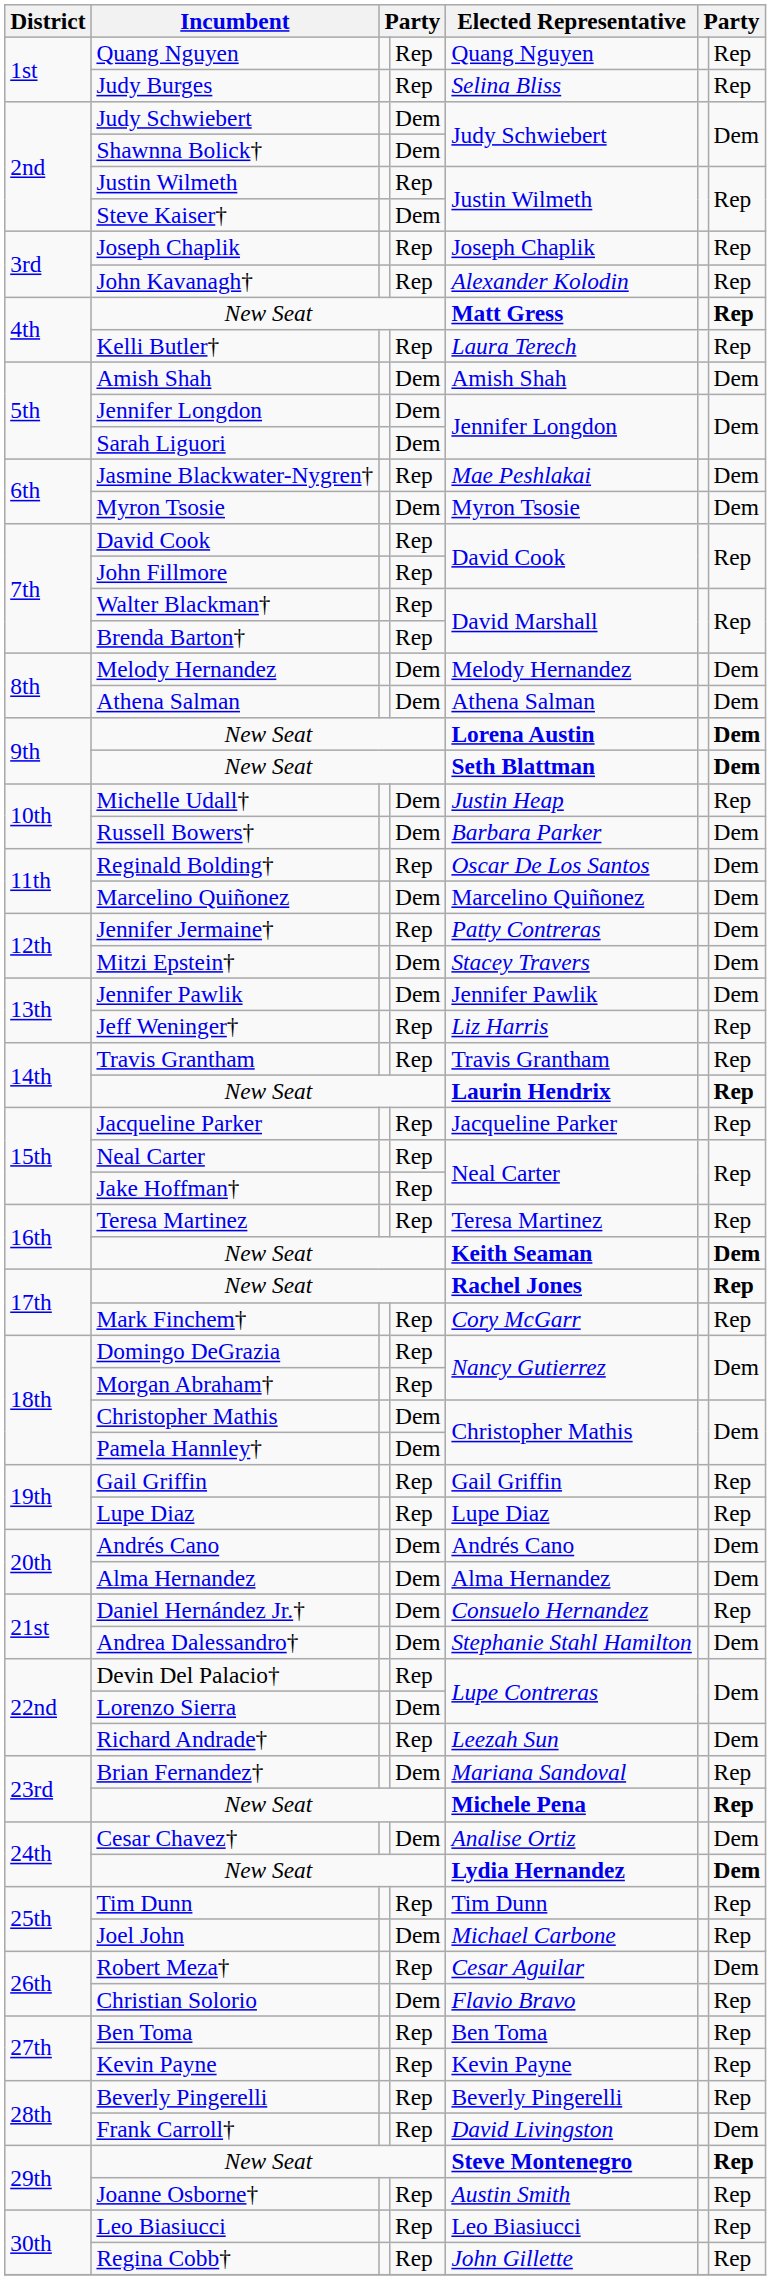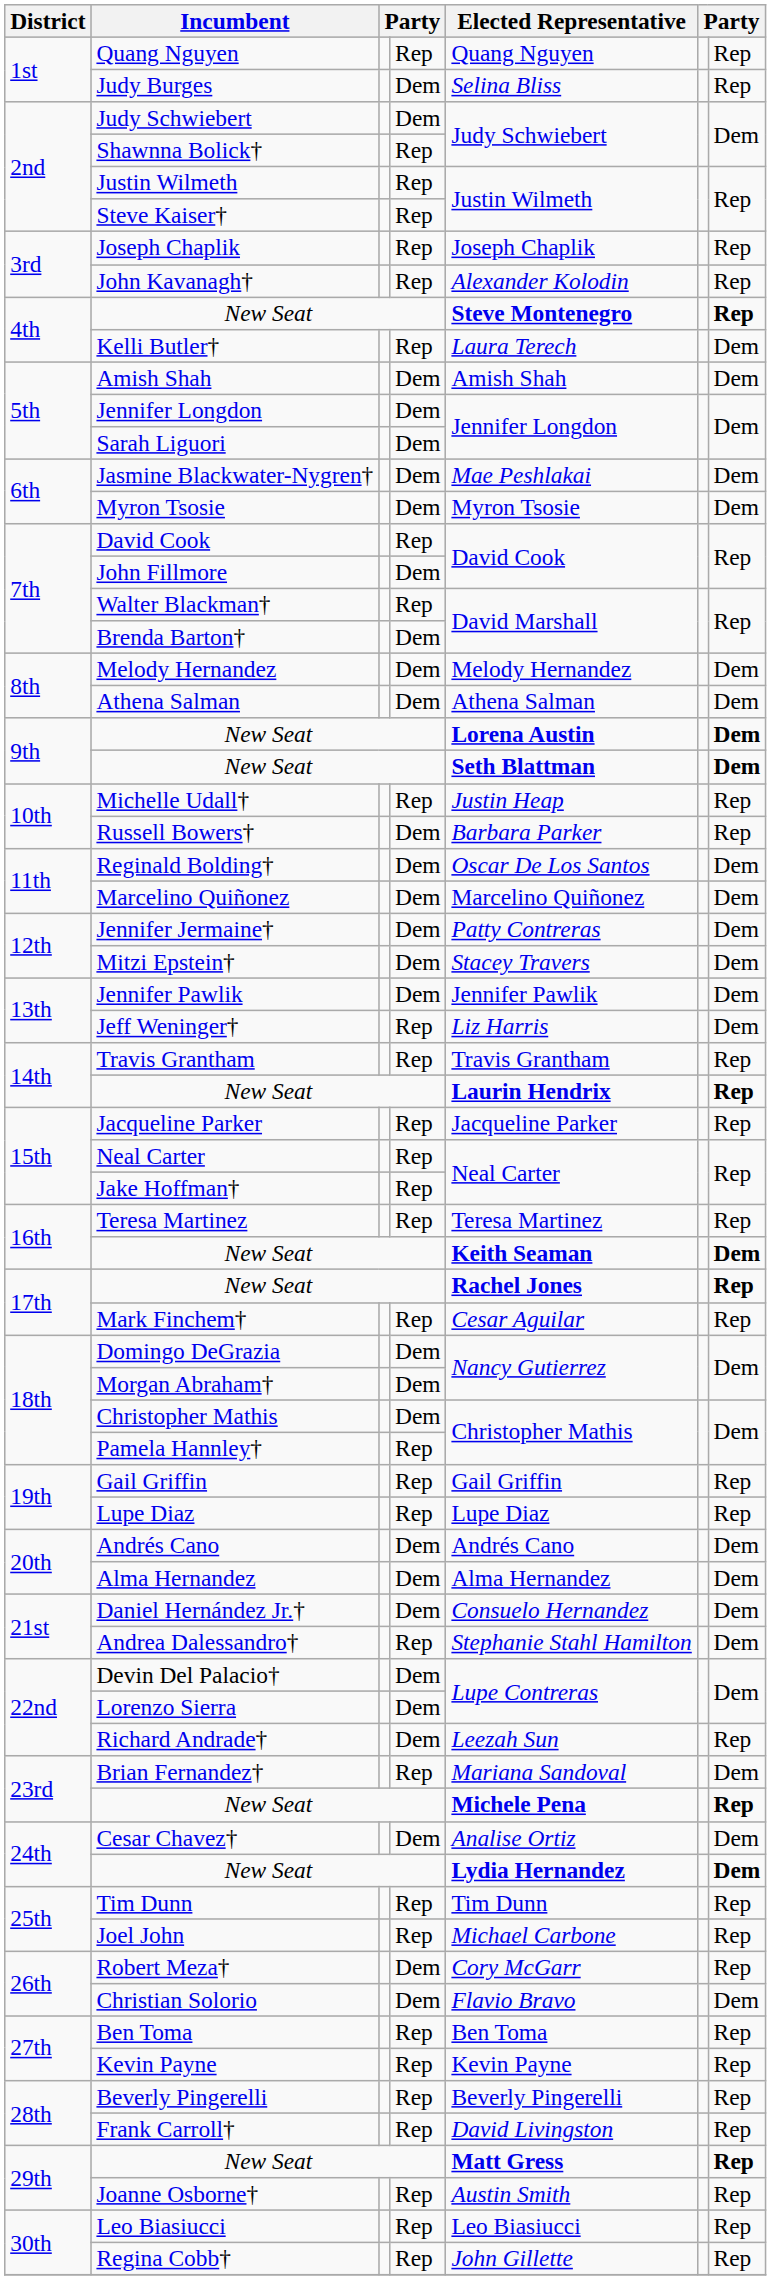 <table class="sortable wikitable" style="font-size:95%;line-height:14px;">
 <tr>
 <th>District</th>
 <th class="unsortable"><a href='#'>Incumbent</a></th>
 <th colspan="2">Party</th>
 <th class="unsortable">Elected Representative</th>
 <th colspan="2">Party</th>
 </tr>
 <tr>
 <td rowspan="2"><a href='#'>1st</a></td>
 <td><a href='#'>Quang Nguyen</a></td>
 <td style="background:"></td>
 <td>Rep</td>
 <td><a href='#'>Quang Nguyen</a></td>
 <td style="background:"></td>
 <td>Rep</td>
 </tr>
 <tr>
 <td><a href='#'>Judy Burges</a></td>
 <td style="background:"></td>
-<td>Rep</td>
+<td>Dem</td>
 <td><em><a href='#'>Selina Bliss</a></em></td>
 <td style="background:"></td>
 <td>Rep</td>
 </tr>
 <tr>
 <td rowspan="4"><a href='#'>2nd</a></td>
 <td><a href='#'>Judy Schwiebert</a></td>
 <td style="background:"></td>
 <td>Dem</td>
 <td rowspan=2><a href='#'>Judy Schwiebert</a></td>
 <td rowspan=2 style="background:"></td>
 <td rowspan=2>Dem</td>
 </tr>
 <tr>
 <td><a href='#'>Shawnna Bolick</a>†</td>
 <td style="background:"></td>
-<td>Dem</td>
+<td>Rep</td>
 </tr>
 <tr>
 <td><a href='#'>Justin Wilmeth</a></td>
 <td style="background:"></td>
 <td>Rep</td>
 <td rowspan=2><a href='#'>Justin Wilmeth</a></td>
 <td rowspan=2 style="background:"></td>
 <td rowspan=2>Rep</td>
 </tr>
 <tr>
 <td><a href='#'>Steve Kaiser</a>†</td>
 <td style="background:"></td>
-<td>Dem</td>
+<td>Rep</td>
 </tr>
 <tr>
 <td rowspan="2"><a href='#'>3rd</a></td>
 <td><a href='#'>Joseph Chaplik</a></td>
 <td style="background:"></td>
 <td>Rep</td>
 <td><a href='#'>Joseph Chaplik</a></td>
 <td style="background:"></td>
 <td>Rep</td>
 </tr>
 <tr>
 <td><a href='#'>John Kavanagh</a>†</td>
 <td style="background:"></td>
 <td>Rep</td>
 <td><em><a href='#'>Alexander Kolodin</a></em></td>
 <td style="background:"></td>
 <td>Rep</td>
 </tr>
 <tr>
 <td rowspan="2"><a href='#'>4th</a></td>
 <td colspan=3 align=center><em>New Seat</em></td>
-<td><strong><a href='#'>Matt Gress</a></strong></td>
+<td><strong><a href='#'>Steve Montenegro</a></strong></td>
 <td style="background:"></td>
 <td><strong>Rep</strong></td>
 </tr>
 <tr>
 <td><a href='#'>Kelli Butler</a>†</td>
 <td style="background:"></td>
 <td>Rep</td>
 <td><em><a href='#'>Laura Terech</a></em></td>
 <td style="background:"></td>
-<td>Rep</td>
+<td>Dem</td>
 </tr>
 <tr>
 <td rowspan="3"><a href='#'>5th</a></td>
 <td><a href='#'>Amish Shah</a></td>
 <td style="background:"></td>
 <td>Dem</td>
 <td><a href='#'>Amish Shah</a></td>
 <td style="background:"></td>
 <td>Dem</td>
 </tr>
 <tr>
 <td><a href='#'>Jennifer Longdon</a></td>
 <td style="background:"></td>
 <td>Dem</td>
 <td rowspan=2><a href='#'>Jennifer Longdon</a></td>
 <td rowspan=2 style="background:"></td>
 <td rowspan=2>Dem</td>
 </tr>
 <tr>
 <td><a href='#'>Sarah Liguori</a></td>
 <td style="background:"></td>
 <td>Dem</td>
 </tr>
 <tr>
 <td rowspan="2"><a href='#'>6th</a></td>
 <td><a href='#'>Jasmine Blackwater-Nygren</a>†</td>
 <td style="background:"></td>
-<td>Rep</td>
+<td>Dem</td>
 <td><em><a href='#'>Mae Peshlakai</a></em></td>
 <td style="background:"></td>
 <td>Dem</td>
 </tr>
 <tr>
 <td><a href='#'>Myron Tsosie</a></td>
 <td style="background:"></td>
 <td>Dem</td>
 <td><a href='#'>Myron Tsosie</a></td>
 <td style="background:"></td>
 <td>Dem</td>
 </tr>
 <tr>
 <td rowspan="4"><a href='#'>7th</a></td>
 <td><a href='#'>David Cook</a></td>
 <td style="background:"></td>
 <td>Rep</td>
 <td rowspan=2><a href='#'>David Cook</a></td>
 <td rowspan=2 style="background:"></td>
 <td rowspan=2>Rep</td>
 </tr>
 <tr>
 <td><a href='#'>John Fillmore</a></td>
 <td style="background:"></td>
-<td>Rep</td>
+<td>Dem</td>
 </tr>
 <tr>
 <td><a href='#'>Walter Blackman</a>†</td>
 <td style="background:"></td>
 <td>Rep</td>
 <td rowspan=2><a href='#'>David Marshall</a></td>
 <td rowspan=2 style="background:"></td>
 <td rowspan=2>Rep</td>
 </tr>
 <tr>
 <td><a href='#'>Brenda Barton</a>†</td>
 <td style="background:"></td>
-<td>Rep</td>
+<td>Dem</td>
 </tr>
 <tr>
 <td rowspan="2"><a href='#'>8th</a></td>
 <td><a href='#'>Melody Hernandez</a></td>
 <td style="background:"></td>
 <td>Dem</td>
 <td><a href='#'>Melody Hernandez</a></td>
 <td style="background:"></td>
 <td>Dem</td>
 </tr>
 <tr>
 <td><a href='#'>Athena Salman</a></td>
 <td style="background:"></td>
 <td>Dem</td>
 <td><a href='#'>Athena Salman</a></td>
 <td style="background:"></td>
 <td>Dem</td>
 </tr>
 <tr>
 <td rowspan="2"><a href='#'>9th</a></td>
 <td colspan=3 align=center><em>New Seat</em></td>
 <td><strong><a href='#'>Lorena Austin</a></strong></td>
 <td style="background:"></td>
 <td><strong>Dem</strong></td>
 </tr>
 <tr>
 <td colspan=3 align=center><em>New Seat</em></td>
 <td><strong><a href='#'>Seth Blattman</a></strong></td>
 <td style="background:"></td>
 <td><strong>Dem</strong></td>
 </tr>
 <tr>
 <td rowspan="2"><a href='#'>10th</a></td>
 <td><a href='#'>Michelle Udall</a>†</td>
 <td style="background:"></td>
-<td>Dem</td>
+<td>Rep</td>
 <td><em><a href='#'>Justin Heap</a></em></td>
 <td style="background:"></td>
 <td>Rep</td>
 </tr>
 <tr>
 <td><a href='#'>Russell Bowers</a>†</td>
 <td style="background:"></td>
 <td>Dem</td>
 <td><em><a href='#'>Barbara Parker</a></em></td>
 <td style="background:"></td>
-<td>Dem</td>
+<td>Rep</td>
 </tr>
 <tr>
 <td rowspan="2"><a href='#'>11th</a></td>
 <td><a href='#'>Reginald Bolding</a>†</td>
 <td style="background:"></td>
-<td>Rep</td>
+<td>Dem</td>
 <td><em><a href='#'>Oscar De Los Santos</a></em></td>
 <td style="background:"></td>
 <td>Dem</td>
 </tr>
 <tr>
 <td><a href='#'>Marcelino Quiñonez</a></td>
 <td style="background:"></td>
 <td>Dem</td>
 <td><a href='#'>Marcelino Quiñonez</a></td>
 <td style="background:"></td>
 <td>Dem</td>
 </tr>
 <tr>
 <td rowspan="2"><a href='#'>12th</a></td>
 <td><a href='#'>Jennifer Jermaine</a>†</td>
 <td style="background:"></td>
-<td>Rep</td>
+<td>Dem</td>
 <td><em><a href='#'>Patty Contreras</a></em></td>
 <td style="background:"></td>
 <td>Dem</td>
 </tr>
 <tr>
 <td><a href='#'>Mitzi Epstein</a>†</td>
 <td style="background:"></td>
 <td>Dem</td>
 <td><em><a href='#'>Stacey Travers</a></em></td>
 <td style="background:"></td>
 <td>Dem</td>
 </tr>
 <tr>
 <td rowspan="2"><a href='#'>13th</a></td>
 <td><a href='#'>Jennifer Pawlik</a></td>
 <td style="background:"></td>
 <td>Dem</td>
 <td><a href='#'>Jennifer Pawlik</a></td>
 <td style="background:"></td>
 <td>Dem</td>
 </tr>
 <tr>
 <td><a href='#'>Jeff Weninger</a>†</td>
 <td style="background:"></td>
 <td>Rep</td>
 <td><em><a href='#'>Liz Harris</a></em></td>
 <td style="background:"></td>
-<td>Rep</td>
+<td>Dem</td>
 </tr>
 <tr>
 <td rowspan="2"><a href='#'>14th</a></td>
 <td><a href='#'>Travis Grantham</a></td>
 <td style="background:"></td>
 <td>Rep</td>
 <td><a href='#'>Travis Grantham</a></td>
 <td style="background:"></td>
 <td>Rep</td>
 </tr>
 <tr>
 <td colspan=3 align=center><em>New Seat</em></td>
 <td><strong><a href='#'>Laurin Hendrix</a></strong></td>
 <td style="background:"></td>
 <td><strong>Rep</strong></td>
 </tr>
 <tr>
 <td rowspan="3"><a href='#'>15th</a></td>
 <td><a href='#'>Jacqueline Parker</a></td>
 <td style="background:"></td>
 <td>Rep</td>
 <td><a href='#'>Jacqueline Parker</a></td>
 <td style="background:"></td>
 <td>Rep</td>
 </tr>
 <tr>
 <td><a href='#'>Neal Carter</a></td>
 <td style="background:"></td>
 <td>Rep</td>
 <td rowspan=2><a href='#'>Neal Carter</a></td>
 <td rowspan=2 style="background:"></td>
 <td rowspan=2>Rep</td>
 </tr>
 <tr>
 <td><a href='#'>Jake Hoffman</a>†</td>
 <td style="background:"></td>
 <td>Rep</td>
 </tr>
 <tr>
 <td rowspan="2"><a href='#'>16th</a></td>
 <td><a href='#'>Teresa Martinez</a></td>
 <td style="background:"></td>
 <td>Rep</td>
 <td><a href='#'>Teresa Martinez</a></td>
 <td style="background:"></td>
 <td>Rep</td>
 </tr>
 <tr>
 <td colspan=3 align=center><em>New Seat</em></td>
 <td><strong><a href='#'>Keith Seaman</a></strong></td>
 <td style="background:"></td>
 <td><strong>Dem</strong></td>
 </tr>
 <tr>
 <td rowspan="2"><a href='#'>17th</a></td>
 <td colspan=3 align=center><em>New Seat</em></td>
 <td><strong><a href='#'>Rachel Jones</a></strong></td>
 <td style="background:"></td>
 <td><strong>Rep</strong></td>
 </tr>
 <tr>
 <td><a href='#'>Mark Finchem</a>†</td>
 <td style="background:"></td>
 <td>Rep</td>
-<td><em><a href='#'>Cory McGarr</a></em></td>
+<td><em><a href='#'>Cesar Aguilar</a></em></td>
 <td style="background:"></td>
 <td>Rep</td>
 </tr>
 <tr>
 <td rowspan="4"><a href='#'>18th</a></td>
 <td><a href='#'>Domingo DeGrazia</a></td>
 <td style="background:"></td>
-<td>Rep</td>
+<td>Dem</td>
 <td rowspan=2><em><a href='#'>Nancy Gutierrez</a></em></td>
 <td rowspan=2 style="background:"></td>
 <td rowspan=2>Dem</td>
 </tr>
 <tr>
 <td><a href='#'>Morgan Abraham</a>†</td>
 <td style="background:"></td>
-<td>Rep</td>
+<td>Dem</td>
 </tr>
 <tr>
 <td><a href='#'>Christopher Mathis</a></td>
 <td style="background:"></td>
 <td>Dem</td>
 <td rowspan=2><a href='#'>Christopher Mathis</a></td>
 <td rowspan=2 style="background:"></td>
 <td rowspan=2>Dem</td>
 </tr>
 <tr>
 <td><a href='#'>Pamela Hannley</a>†</td>
 <td style="background:"></td>
-<td>Dem</td>
+<td>Rep</td>
 </tr>
 <tr>
 <td rowspan="2"><a href='#'>19th</a></td>
 <td><a href='#'>Gail Griffin</a></td>
 <td style="background:"></td>
 <td>Rep</td>
 <td><a href='#'>Gail Griffin</a></td>
 <td style="background:"></td>
 <td>Rep</td>
 </tr>
 <tr>
 <td><a href='#'>Lupe Diaz</a></td>
 <td style="background:"></td>
 <td>Rep</td>
 <td><a href='#'>Lupe Diaz</a></td>
 <td style="background:"></td>
 <td>Rep</td>
 </tr>
 <tr>
 <td rowspan="2"><a href='#'>20th</a></td>
 <td><a href='#'>Andrés Cano</a></td>
 <td style="background:"></td>
 <td>Dem</td>
 <td><a href='#'>Andrés Cano</a></td>
 <td style="background:"></td>
 <td>Dem</td>
 </tr>
 <tr>
 <td><a href='#'>Alma Hernandez</a></td>
 <td style="background:"></td>
 <td>Dem</td>
 <td><a href='#'>Alma Hernandez</a></td>
 <td style="background:"></td>
 <td>Dem</td>
 </tr>
 <tr>
 <td rowspan="2"><a href='#'>21st</a></td>
 <td><a href='#'>Daniel Hernández Jr.</a>†</td>
 <td style="background:"></td>
 <td>Dem</td>
 <td><em><a href='#'>Consuelo Hernandez</a></em></td>
 <td style="background:"></td>
-<td>Rep</td>
+<td>Dem</td>
 </tr>
 <tr>
 <td><a href='#'>Andrea Dalessandro</a>†</td>
 <td style="background:"></td>
-<td>Dem</td>
+<td>Rep</td>
 <td><em><a href='#'>Stephanie Stahl Hamilton</a></em></td>
 <td style="background:"></td>
 <td>Dem</td>
 </tr>
 <tr>
 <td rowspan="3"><a href='#'>22nd</a></td>
 <td>Devin Del Palacio†</td>
 <td style="background:"></td>
-<td>Rep</td>
+<td>Dem</td>
 <td rowspan=2><em><a href='#'>Lupe Contreras</a></em></td>
 <td rowspan=2 style="background:"></td>
 <td rowspan=2>Dem</td>
 </tr>
 <tr>
 <td><a href='#'>Lorenzo Sierra</a></td>
 <td style="background:"></td>
 <td>Dem</td>
 </tr>
 <tr>
 <td><a href='#'>Richard Andrade</a>†</td>
 <td style="background:"></td>
-<td>Rep</td>
+<td>Dem</td>
 <td><em><a href='#'>Leezah Sun</a></em></td>
 <td style="background:"></td>
-<td>Dem</td>
+<td>Rep</td>
 </tr>
 <tr>
 <td rowspan="2"><a href='#'>23rd</a></td>
 <td><a href='#'>Brian Fernandez</a>†</td>
 <td style="background:"></td>
-<td>Dem</td>
+<td>Rep</td>
 <td><em><a href='#'>Mariana Sandoval</a></em></td>
 <td style="background:"></td>
-<td>Rep</td>
+<td>Dem</td>
 </tr>
 <tr>
 <td colspan=3 align=center><em>New Seat</em></td>
 <td><strong><a href='#'>Michele Pena</a></strong></td>
 <td style="background:"></td>
 <td><strong>Rep</strong></td>
 </tr>
 <tr>
 <td rowspan="2"><a href='#'>24th</a></td>
 <td><a href='#'>Cesar Chavez</a>†</td>
 <td style="background:"></td>
 <td>Dem</td>
 <td><em><a href='#'>Analise Ortiz</a></em></td>
 <td style="background:"></td>
 <td>Dem</td>
 </tr>
 <tr>
 <td colspan=3 align=center><em>New Seat</em></td>
 <td><strong><a href='#'>Lydia Hernandez</a></strong></td>
 <td style="background:"></td>
 <td><strong>Dem</strong></td>
 </tr>
 <tr>
 <td rowspan="2"><a href='#'>25th</a></td>
 <td><a href='#'>Tim Dunn</a></td>
 <td style="background:"></td>
 <td>Rep</td>
 <td><a href='#'>Tim Dunn</a></td>
 <td style="background:"></td>
 <td>Rep</td>
 </tr>
 <tr>
 <td><a href='#'>Joel John</a></td>
 <td style="background:"></td>
-<td>Dem</td>
+<td>Rep</td>
 <td><em><a href='#'>Michael Carbone</a></em></td>
 <td style="background:"></td>
 <td>Rep</td>
 </tr>
 <tr>
 <td rowspan="2"><a href='#'>26th</a></td>
 <td><a href='#'>Robert Meza</a>†</td>
 <td style="background:"></td>
+<td>Dem</td>
+<td><em><a href='#'>Cory McGarr</a></em></td>
+<td style="background:"></td>
 <td>Rep</td>
-<td><em><a href='#'>Cesar Aguilar</a></em></td>
-<td style="background:"></td>
-<td>Dem</td>
 </tr>
 <tr>
 <td><a href='#'>Christian Solorio</a></td>
 <td style="background:"></td>
 <td>Dem</td>
 <td><em><a href='#'>Flavio Bravo</a></em></td>
 <td style="background:"></td>
-<td>Rep</td>
+<td>Dem</td>
 </tr>
 <tr>
 <td rowspan="2"><a href='#'>27th</a></td>
 <td><a href='#'>Ben Toma</a></td>
 <td style="background:"></td>
 <td>Rep</td>
 <td><a href='#'>Ben Toma</a></td>
 <td style="background:"></td>
 <td>Rep</td>
 </tr>
 <tr>
 <td><a href='#'>Kevin Payne</a></td>
 <td style="background:"></td>
 <td>Rep</td>
 <td><a href='#'>Kevin Payne</a></td>
 <td style="background:"></td>
 <td>Rep</td>
 </tr>
 <tr>
 <td rowspan="2"><a href='#'>28th</a></td>
 <td><a href='#'>Beverly Pingerelli</a></td>
 <td style="background:"></td>
 <td>Rep</td>
 <td><a href='#'>Beverly Pingerelli</a></td>
 <td style="background:"></td>
 <td>Rep</td>
 </tr>
 <tr>
 <td><a href='#'>Frank Carroll</a>†</td>
 <td style="background:"></td>
 <td>Rep</td>
 <td><em><a href='#'>David Livingston</a></em></td>
 <td style="background:"></td>
-<td>Dem</td>
+<td>Rep</td>
 </tr>
 <tr>
 <td rowspan="2"><a href='#'>29th</a></td>
 <td colspan=3 align=center><em>New Seat</em></td>
-<td><strong><a href='#'>Steve Montenegro</a></strong></td>
+<td><strong><a href='#'>Matt Gress</a></strong></td>
 <td style="background:"></td>
 <td><strong>Rep</strong></td>
 </tr>
 <tr>
 <td><a href='#'>Joanne Osborne</a>†</td>
 <td style="background:"></td>
 <td>Rep</td>
 <td><em><a href='#'>Austin Smith</a></em></td>
 <td style="background:"></td>
 <td>Rep</td>
 </tr>
 <tr>
 <td rowspan="2"><a href='#'>30th</a></td>
 <td><a href='#'>Leo Biasiucci</a></td>
 <td style="background:"></td>
 <td>Rep</td>
 <td><a href='#'>Leo Biasiucci</a></td>
 <td style="background:"></td>
 <td>Rep</td>
 </tr>
 <tr>
 <td><a href='#'>Regina Cobb</a>†</td>
 <td style="background:"></td>
 <td>Rep</td>
 <td><em><a href='#'>John Gillette</a></em></td>
 <td style="background:"></td>
 <td>Rep</td>
 </tr>
 <tr>
 </tr>
 </table>
